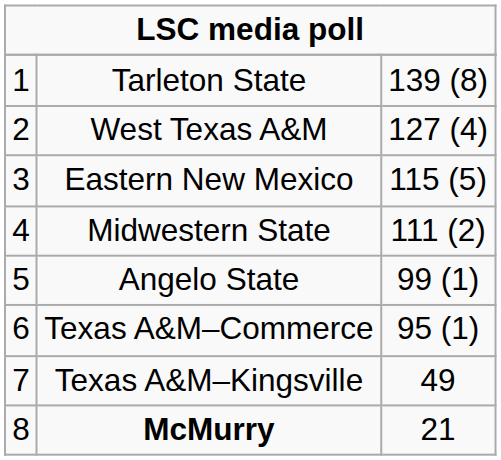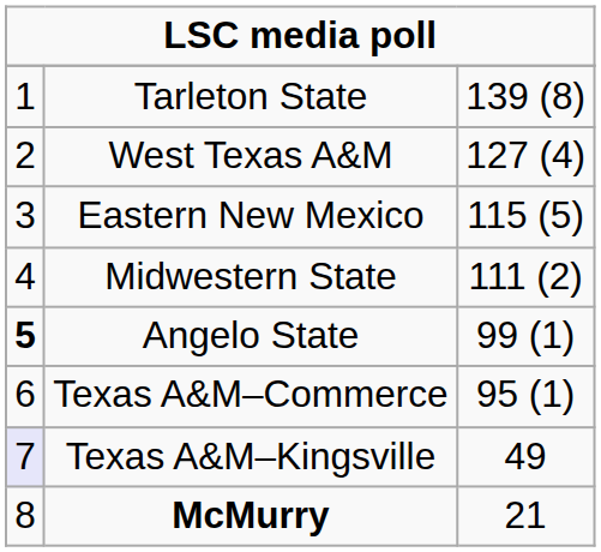 <table class="wikitable" style="display: inline-table;">
 <tr>
 <td align="center" Colspan="3"><strong>LSC media poll</strong></td>
 </tr>
 <tr align="center">
 </tr>
 <tr align="center">
 <td>1</td>
 <td>Tarleton State</td>
 <td>139 (8)</td>
 </tr>
 <tr align="center">
 <td>2</td>
 <td>West Texas A&M</td>
 <td>127 (4)</td>
 </tr>
 <tr align="center">
 <td>3</td>
 <td>Eastern New Mexico</td>
 <td>115 (5)</td>
 </tr>
 <tr align="center">
 <td>4</td>
 <td>Midwestern State</td>
 <td>111 (2)</td>
 </tr>
 <tr align="center">
-<td>5</td>
+<td><strong>5</strong></td>
 <td>Angelo State</td>
 <td>99 (1)</td>
 </tr>
 <tr align="center">
 <td>6</td>
 <td>Texas A&M–Commerce</td>
 <td>95 (1)</td>
 </tr>
 <tr align="center">
-<td>7</td>
+<td style="background: lavender;">7</td>
 <td>Texas A&M–Kingsville</td>
 <td>49</td>
 </tr>
 <tr align="center">
 <td>8</td>
 <td><strong>McMurry</strong></td>
 <td>21</td>
 </tr>
 </table>
